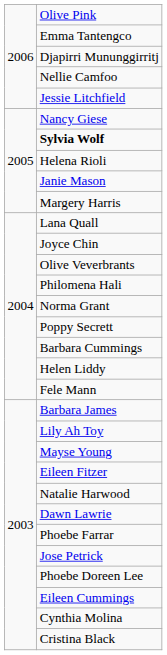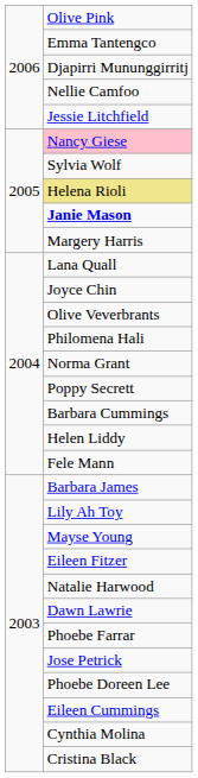 <table class="wikitable">
 <tr>
 <td rowspan="5">2006</td>
 <td><a href='#'>Olive Pink</a></td>
 </tr>
 <tr>
 <td>Emma Tantengco</td>
 </tr>
 <tr>
 <td>Djapirri Mununggirritj</td>
 </tr>
 <tr>
 <td>Nellie Camfoo</td>
 </tr>
 <tr>
 <td><a href='#'>Jessie Litchfield</a></td>
 </tr>
 <tr>
 <td rowspan="5">2005</td>
-<td><a href='#'>Nancy Giese</a></td>
+<td style="background: pink;"><a href='#'>Nancy Giese</a></td>
 </tr>
 <tr>
-<td><strong>Sylvia Wolf</strong></td>
+<td>Sylvia Wolf</td>
 </tr>
 <tr>
-<td>Helena Rioli</td>
+<td style="background: khaki;">Helena Rioli</td>
 </tr>
 <tr>
-<td><a href='#'>Janie Mason</a></td>
+<td><strong><a href='#'>Janie Mason</a></strong></td>
 </tr>
 <tr>
 <td>Margery Harris</td>
 </tr>
 <tr>
 <td rowspan="9">2004</td>
 <td>Lana Quall</td>
 </tr>
 <tr>
 <td>Joyce Chin</td>
 </tr>
 <tr>
 <td>Olive Veverbrants</td>
 </tr>
 <tr>
 <td>Philomena Hali</td>
 </tr>
 <tr>
 <td>Norma Grant</td>
 </tr>
 <tr>
 <td>Poppy Secrett</td>
 </tr>
 <tr>
 <td>Barbara Cummings</td>
 </tr>
 <tr>
 <td>Helen Liddy</td>
 </tr>
 <tr>
 <td>Fele Mann</td>
 </tr>
 <tr>
 <td rowspan="12">2003</td>
 <td><a href='#'>Barbara James</a></td>
 </tr>
 <tr>
 <td><a href='#'>Lily Ah Toy</a></td>
 </tr>
 <tr>
 <td><a href='#'>Mayse Young</a></td>
 </tr>
 <tr>
 <td><a href='#'>Eileen Fitzer</a></td>
 </tr>
 <tr>
 <td>Natalie Harwood</td>
 </tr>
 <tr>
 <td><a href='#'>Dawn Lawrie</a></td>
 </tr>
 <tr>
 <td>Phoebe Farrar</td>
 </tr>
 <tr>
 <td><a href='#'>Jose Petrick</a></td>
 </tr>
 <tr>
 <td>Phoebe Doreen Lee</td>
 </tr>
 <tr>
 <td><a href='#'>Eileen Cummings</a></td>
 </tr>
 <tr>
 <td>Cynthia Molina</td>
 </tr>
 <tr>
 <td>Cristina Black</td>
 </tr>
 </table>
